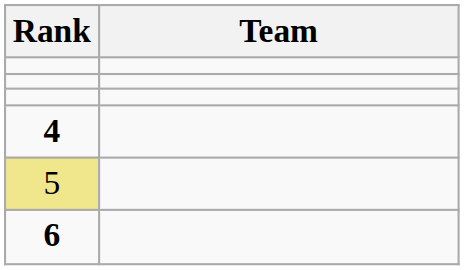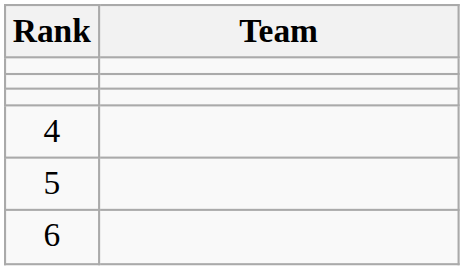 <table class="wikitable" style="text-align:center;">
 <tr>
 <th width=20>Rank</th>
 <th width=165>Team</th>
 </tr>
 <tr>
 <td></td>
 <td style="text-align:left;"></td>
 </tr>
 <tr>
 <td></td>
 <td style="text-align:left;"></td>
 </tr>
 <tr>
 <td></td>
 <td style="text-align:left;"></td>
 </tr>
 <tr>
-<td><strong>4</strong></td>
+<td>4</td>
 <td style="text-align:left;"></td>
 </tr>
 <tr>
-<td style="background: khaki;">5</td>
+<td>5</td>
 <td style="text-align:left;"></td>
 </tr>
 <tr>
-<td><strong>6</strong></td>
+<td>6</td>
 <td style="text-align:left;"></td>
 </tr>
 </table>
